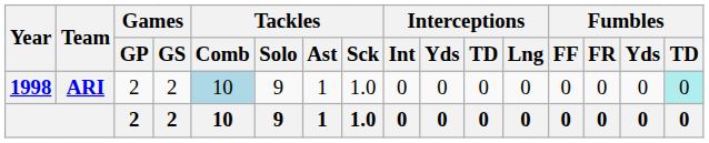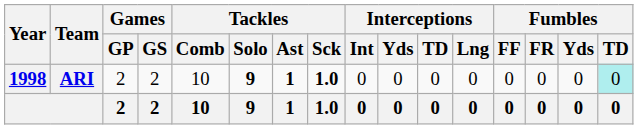 <table class="wikitable" style="text-align:center">
 <tr>
 <th rowspan="2">Year</th>
 <th rowspan="2">Team</th>
 <th colspan="2">Games</th>
 <th colspan="4">Tackles</th>
 <th colspan="4">Interceptions</th>
 <th colspan="4">Fumbles</th>
 </tr>
 <tr>
 <th>GP</th>
 <th>GS</th>
 <th>Comb</th>
 <th>Solo</th>
 <th>Ast</th>
 <th>Sck</th>
 <th>Int</th>
 <th>Yds</th>
 <th>TD</th>
 <th>Lng</th>
 <th>FF</th>
 <th>FR</th>
 <th>Yds</th>
 <th>TD</th>
 </tr>
 <tr>
 <th><a href='#'>1998</a></th>
 <th><a href='#'>ARI</a></th>
 <td>2</td>
 <td>2</td>
-<td style="background: lightblue;">10</td>
-<td>9</td>
-<td>1</td>
-<td>1.0</td>
+<td>10</td>
+<td><strong>9</strong></td>
+<td><strong>1</strong></td>
+<td><strong>1.0</strong></td>
 <td>0</td>
 <td>0</td>
 <td>0</td>
 <td>0</td>
 <td>0</td>
 <td>0</td>
 <td>0</td>
 <td style="background: paleturquoise;">0</td>
 </tr>
 <tr>
 <th colspan="2"></th>
 <th>2</th>
 <th>2</th>
 <th>10</th>
 <th>9</th>
 <th>1</th>
 <th>1.0</th>
 <th>0</th>
 <th>0</th>
 <th>0</th>
 <th>0</th>
 <th>0</th>
 <th>0</th>
 <th>0</th>
 <th>0</th>
 </tr>
 </table>
